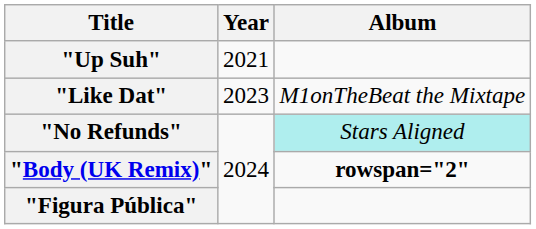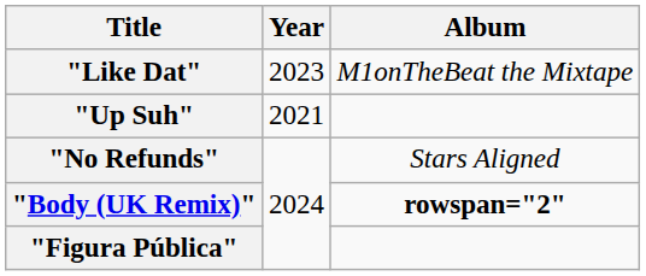 <table class="wikitable plainrowheaders" style="text-align:center;">
 <tr>
 <th scope="col">Title</th>
 <th scope="col">Year</th>
 <th scope="col">Album</th>
 </tr>
 <tr>
+<th scope="row">"Like Dat"<br></th>
+<td>2023</td>
+<td><em>M1onTheBeat the Mixtape</em></td>
+</tr>
+<tr>
 <th scope="row">"Up Suh"<br></th>
 <td>2021</td>
 <td></td>
 </tr>
 <tr>
-<th scope="row">"Like Dat"<br></th>
-<td>2023</td>
-<td><em>M1onTheBeat the Mixtape</em></td>
-</tr>
-<tr>
 <th scope="row">"No Refunds"<br></th>
 <td rowspan="3">2024</td>
-<td style="background: paleturquoise;"><em>Stars Aligned</em></td>
+<td><em>Stars Aligned</em></td>
 </tr>
 <tr>
 <th scope="row">"<a href='#'>Body (UK Remix)</a>"<br></th>
 <td><strong>rowspan="2" </strong></td>
 </tr>
 <tr>
 <th scope="row">"Figura Pública"<br></th>
 </tr>
 </table>
